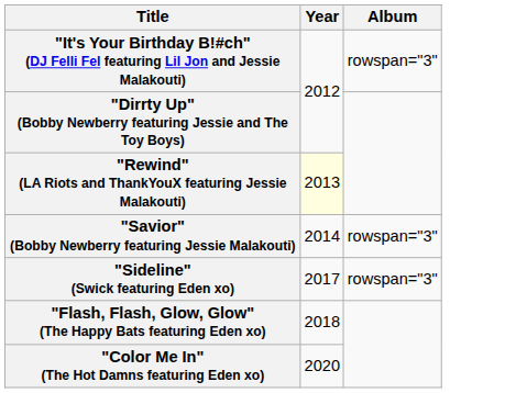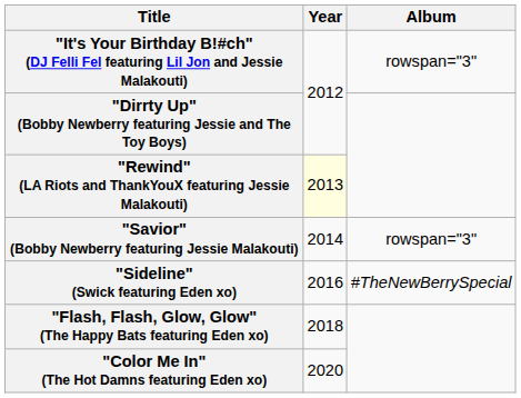 <table class="wikitable plainrowheaders" style="text-align:center;">
 <tr>
 <th scope="col" style="width:18em;">Title</th>
 <th scope="col">Year</th>
 <th scope="col">Album</th>
 </tr>
 <tr>
 <th scope="row">"It's Your Birthday B!#ch"<br><small>(<a href='#'>DJ Felli Fel</a> featuring <a href='#'>Lil Jon</a> and Jessie Malakouti)</small></th>
 <td rowspan="2">2012</td>
 <td>rowspan="3" </td>
 </tr>
 <tr>
 <th scope="row">"Dirrty Up"<br><small>(Bobby Newberry featuring Jessie and The Toy Boys)</small></th>
 </tr>
 <tr>
 <th scope="row">"Rewind"<br><small>(LA Riots and ThankYouX featuring Jessie Malakouti)</small></th>
 <td style="background: lightyellow;">2013</td>
 </tr>
 <tr>
 <th scope="row">"Savior"<br><small>(Bobby Newberry featuring Jessie Malakouti)</small></th>
 <td>2014</td>
 <td>rowspan="3" </td>
 </tr>
 <tr>
 <th scope="row">"Sideline"<br><small>(Swick featuring Eden xo)</small></th>
-<td>2017</td>
-<td>rowspan="3" </td>
+<td>2016</td>
+<td><em>#TheNewBerrySpecial</em></td>
 </tr>
 <tr>
 <th scope="row">"Flash, Flash, Glow, Glow"<br><small>(The Happy Bats featuring Eden xo)</small></th>
 <td>2018</td>
 </tr>
 <tr>
 <th scope="row">"Color Me In"<br><small>(The Hot Damns featuring Eden xo)</small></th>
 <td>2020</td>
 </tr>
 </table>
